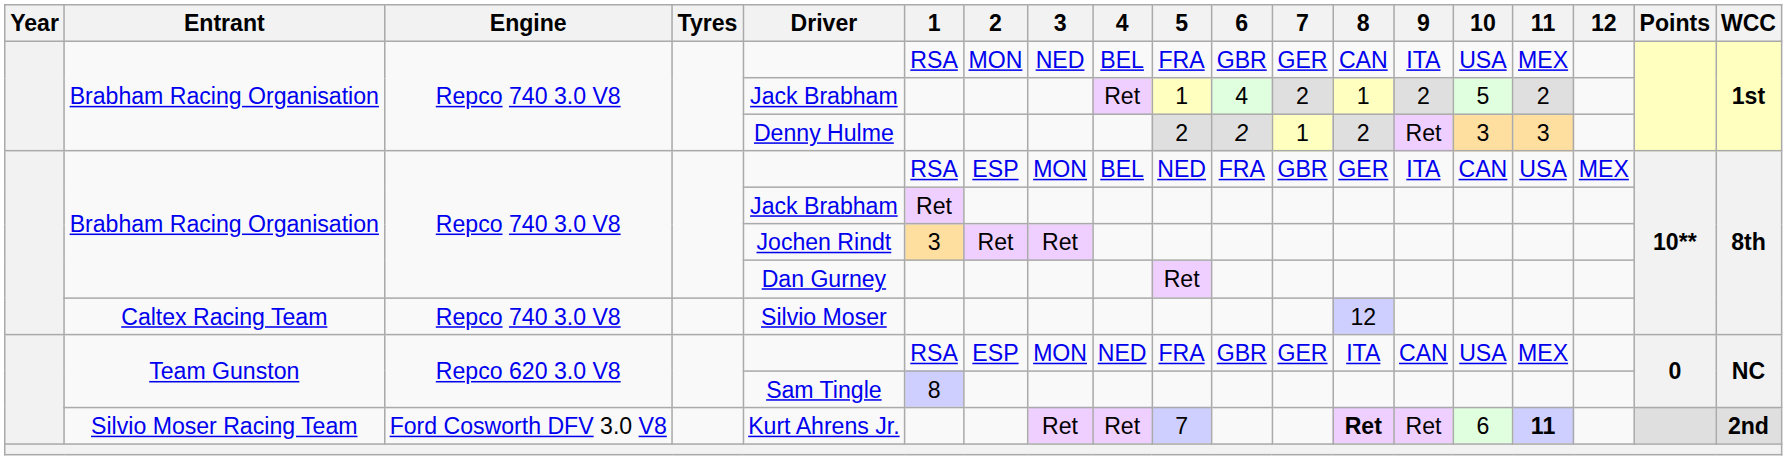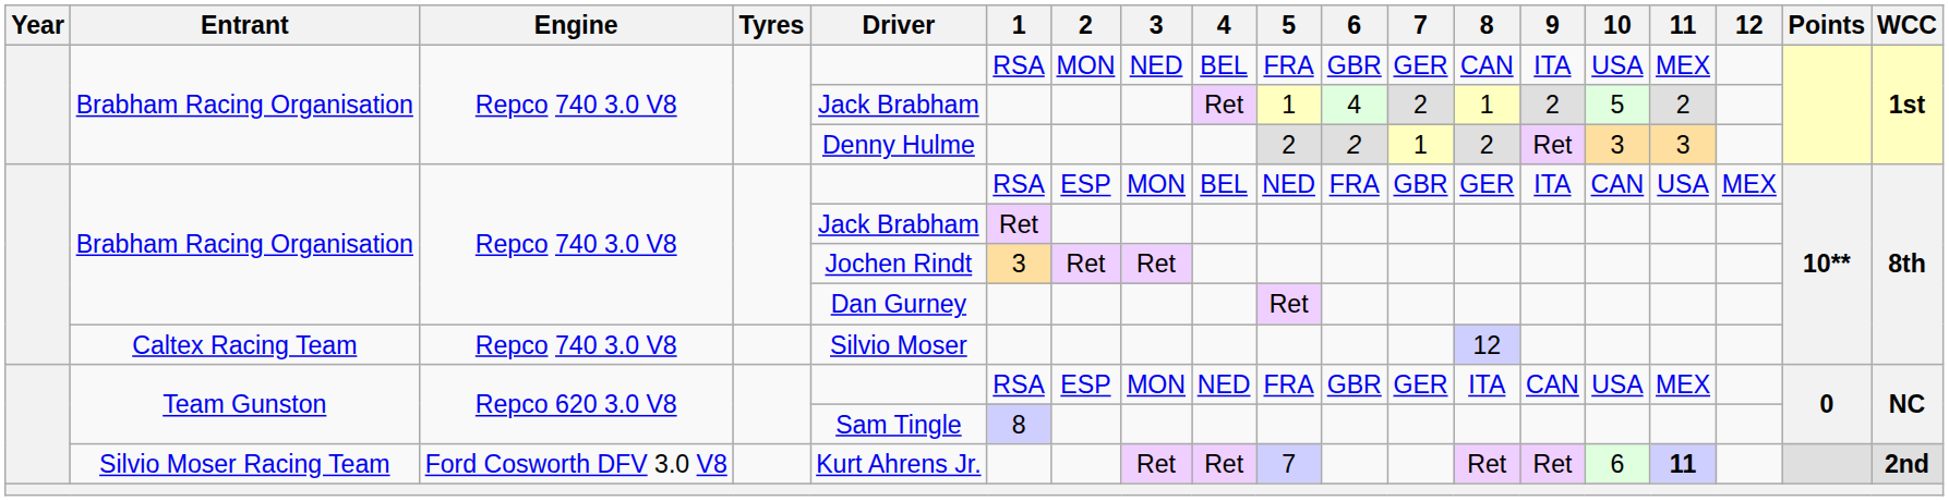 <table class="wikitable" style="text-align:center; font-size:95%">
 <tr>
 <th>Year</th>
 <th>Entrant</th>
 <th>Engine</th>
 <th>Tyres</th>
 <th>Driver</th>
 <th>1</th>
 <th>2</th>
 <th>3</th>
 <th>4</th>
 <th>5</th>
 <th>6</th>
 <th>7</th>
 <th>8</th>
 <th>9</th>
 <th>10</th>
 <th>11</th>
 <th>12</th>
 <th>Points</th>
 <th>WCC</th>
 </tr>
 <tr>
 <th rowspan=3></th>
 <td rowspan=3><a href='#'>Brabham Racing Organisation</a></td>
 <td rowspan=3><a href='#'>Repco</a> <a href='#'>740 3.0 V8</a></td>
 <td rowspan=3></td>
 <td></td>
 <td><a href='#'>RSA</a></td>
 <td><a href='#'>MON</a></td>
 <td><a href='#'>NED</a></td>
 <td><a href='#'>BEL</a></td>
 <td><a href='#'>FRA</a></td>
 <td><a href='#'>GBR</a></td>
 <td><a href='#'>GER</a></td>
 <td><a href='#'>CAN</a></td>
 <td><a href='#'>ITA</a></td>
 <td><a href='#'>USA</a></td>
 <td><a href='#'>MEX</a></td>
 <td></td>
 <td rowspan=3 style="background:#ffffbf;"></td>
 <td rowspan=3 style="background:#ffffbf;"><strong>1st</strong></td>
 </tr>
 <tr>
 <td><a href='#'>Jack Brabham</a></td>
 <td></td>
 <td></td>
 <td></td>
 <td style="background:#EFCFFF;">Ret</td>
 <td style="background:#ffffbf;">1</td>
 <td style="background:#dfffdf;">4</td>
 <td style="background:#dfdfdf;">2</td>
 <td style="background:#ffffbf;">1</td>
 <td style="background:#dfdfdf;">2</td>
 <td style="background:#dfffdf;">5</td>
 <td style="background:#dfdfdf;">2</td>
 <td></td>
 </tr>
 <tr>
 <td><a href='#'>Denny Hulme</a></td>
 <td></td>
 <td></td>
 <td></td>
 <td></td>
 <td style="background:#dfdfdf;">2</td>
 <td style="background:#dfdfdf;"><em>2</em></td>
 <td style="background:#ffffbf;">1</td>
 <td style="background:#dfdfdf;">2</td>
 <td style="background:#EFCFFF;">Ret</td>
 <td style="background:#ffdf9f;">3</td>
 <td style="background:#ffdf9f;">3</td>
 <td></td>
 </tr>
 <tr>
 <th rowspan=5></th>
 <td rowspan=4><a href='#'>Brabham Racing Organisation</a></td>
 <td rowspan=4><a href='#'>Repco</a> <a href='#'>740 3.0 V8</a></td>
 <td rowspan=4></td>
 <td></td>
 <td><a href='#'>RSA</a></td>
 <td><a href='#'>ESP</a></td>
 <td><a href='#'>MON</a></td>
 <td><a href='#'>BEL</a></td>
 <td><a href='#'>NED</a></td>
 <td><a href='#'>FRA</a></td>
 <td><a href='#'>GBR</a></td>
 <td><a href='#'>GER</a></td>
 <td><a href='#'>ITA</a></td>
 <td><a href='#'>CAN</a></td>
 <td><a href='#'>USA</a></td>
 <td><a href='#'>MEX</a></td>
 <th rowspan=5>10**</th>
 <th rowspan=5>8th</th>
 </tr>
 <tr>
 <td><a href='#'>Jack Brabham</a></td>
 <td style="background:#efcfff;">Ret</td>
 <td></td>
 <td></td>
 <td></td>
 <td></td>
 <td></td>
 <td></td>
 <td></td>
 <td></td>
 <td></td>
 <td></td>
 <td></td>
 </tr>
 <tr>
 <td><a href='#'>Jochen Rindt</a></td>
 <td style="background:#ffdf9f;">3</td>
 <td style="background:#EFCFFF;">Ret</td>
 <td style="background:#EFCFFF;">Ret</td>
 <td></td>
 <td></td>
 <td></td>
 <td></td>
 <td></td>
 <td></td>
 <td></td>
 <td></td>
 <td></td>
 </tr>
 <tr>
 <td><a href='#'>Dan Gurney</a></td>
 <td></td>
 <td></td>
 <td></td>
 <td></td>
 <td style="background:#EFCFFF;">Ret</td>
 <td></td>
 <td></td>
 <td></td>
 <td></td>
 <td></td>
 <td></td>
 <td></td>
 </tr>
 <tr>
 <td><a href='#'>Caltex Racing Team</a></td>
 <td><a href='#'>Repco</a> <a href='#'>740 3.0 V8</a></td>
 <td></td>
 <td><a href='#'>Silvio Moser</a></td>
 <td></td>
 <td></td>
 <td></td>
 <td></td>
 <td></td>
 <td></td>
 <td></td>
 <td style="background:#cfcfff">12</td>
 <td></td>
 <td></td>
 <td></td>
 <td></td>
 </tr>
 <tr>
 <th rowspan=3></th>
 <td rowspan=2><a href='#'>Team Gunston</a></td>
 <td rowspan=2><a href='#'>Repco 620 3.0 V8</a></td>
 <td rowspan=2></td>
 <td></td>
 <td><a href='#'>RSA</a></td>
 <td><a href='#'>ESP</a></td>
 <td><a href='#'>MON</a></td>
 <td><a href='#'>NED</a></td>
 <td><a href='#'>FRA</a></td>
 <td><a href='#'>GBR</a></td>
 <td><a href='#'>GER</a></td>
 <td><a href='#'>ITA</a></td>
 <td><a href='#'>CAN</a></td>
 <td><a href='#'>USA</a></td>
 <td><a href='#'>MEX</a></td>
 <td></td>
 <th rowspan=2>0</th>
 <th rowspan=2>NC</th>
 </tr>
 <tr>
 <td><a href='#'>Sam Tingle</a></td>
 <td style="background:#CFCFFF;">8</td>
 <td></td>
 <td></td>
 <td></td>
 <td></td>
 <td></td>
 <td></td>
 <td></td>
 <td></td>
 <td></td>
 <td></td>
 <td></td>
 </tr>
 <tr>
 <td><a href='#'>Silvio Moser Racing Team</a></td>
 <td><a href='#'>Ford Cosworth DFV</a> 3.0 <a href='#'>V8</a></td>
 <td></td>
 <td><a href='#'>Kurt Ahrens Jr.</a></td>
 <td></td>
 <td></td>
 <td style="background:#EFCFFF;">Ret</td>
 <td style="background:#EFCFFF;">Ret</td>
 <td style="background:#cfcfff;">7</td>
 <td></td>
 <td></td>
-<td style="background:#EFCFFF;"><strong>Ret</strong></td>
+<td style="background:#EFCFFF;">Ret</td>
 <td style="background:#EFCFFF;">Ret</td>
 <td style="background:#dfffdf;">6</td>
 <td style="background:#cfcfff;"><strong>11</strong></td>
 <td></td>
 <td style="background:#dfdfdf;"></td>
 <td style="background:#dfdfdf;"><strong>2nd</strong></td>
 </tr>
 <tr>
 <th colspan="19"></th>
 </tr>
 </table>
